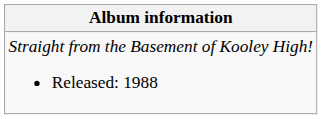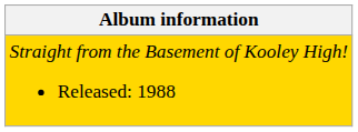 <table class="wikitable">
 <tr>
 <th align="left">Album information</th>
 </tr>
 <tr>
-<td align="left"><em>Straight from the Basement of Kooley High!</em><br><ul><li>Released: 1988</li></ul></td>
+<td align="left" style="background: gold;"><em>Straight from the Basement of Kooley High!</em><br><ul><li>Released: 1988</li></ul></td>
 </tr>
 </table>
